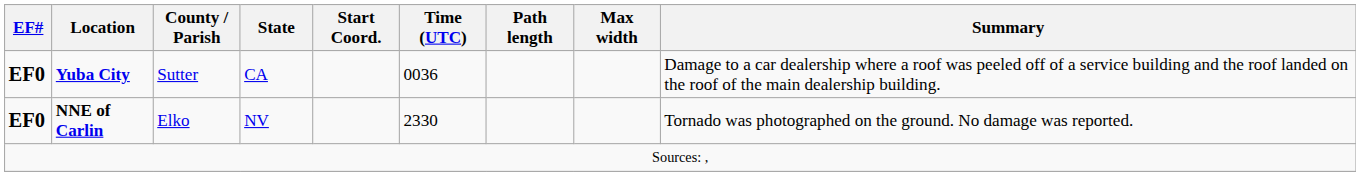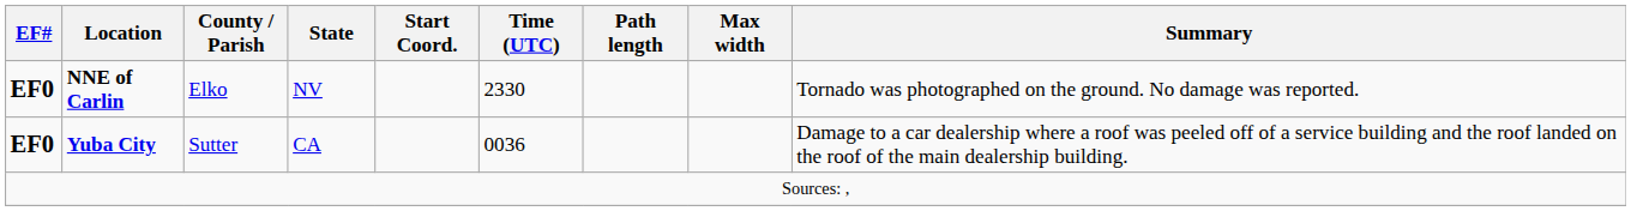 <table class="wikitable collapsible" width="100%">
 <tr>
 <th scope="col"  style="width:3%; text-align:center;"><a href='#'>EF#</a></th>
 <th scope="col"  style="width:7%; text-align:center;" class="unsortable">Location</th>
 <th scope="col"  style="width:6%; text-align:center;" class="unsortable">County / Parish</th>
 <th scope="col"  style="width:5%; text-align:center;">State</th>
 <th scope="col"  style="width:6%; text-align:center;">Start Coord.</th>
 <th scope="col"  style="width:6%; text-align:center;">Time (<a href='#'>UTC</a>)</th>
 <th scope="col"  style="width:6%; text-align:center;">Path length</th>
 <th scope="col"  style="width:6%; text-align:center;">Max width</th>
 <th scope="col" class="unsortable" style="width:48%; text-align:center;">Summary</th>
 </tr>
 <tr>
 <td><big><strong>EF0</strong></big></td>
+<td><strong>NNE of <a href='#'>Carlin</a></strong></td>
+<td><a href='#'>Elko</a></td>
+<td><a href='#'>NV</a></td>
+<td></td>
+<td>2330</td>
+<td></td>
+<td></td>
+<td>Tornado was photographed on the ground. No damage was reported.</td>
+</tr>
+<tr>
+<td><big><strong>EF0</strong></big></td>
 <td><strong><a href='#'>Yuba City</a></strong></td>
 <td><a href='#'>Sutter</a></td>
 <td><a href='#'>CA</a></td>
 <td></td>
 <td>0036</td>
 <td></td>
 <td></td>
 <td>Damage to a car dealership where a roof was peeled off of a service building and the roof landed on the roof of the main dealership building.</td>
 </tr>
 <tr>
-<td><big><strong>EF0</strong></big></td>
-<td><strong>NNE of <a href='#'>Carlin</a></strong></td>
-<td><a href='#'>Elko</a></td>
-<td><a href='#'>NV</a></td>
-<td></td>
-<td>2330</td>
-<td></td>
-<td></td>
-<td>Tornado was photographed on the ground. No damage was reported.</td>
-</tr>
-<tr>
 <td colspan="9" align=center><small>Sources: , </small></td>
 </tr>
 <tr>
 </tr>
 </table>
